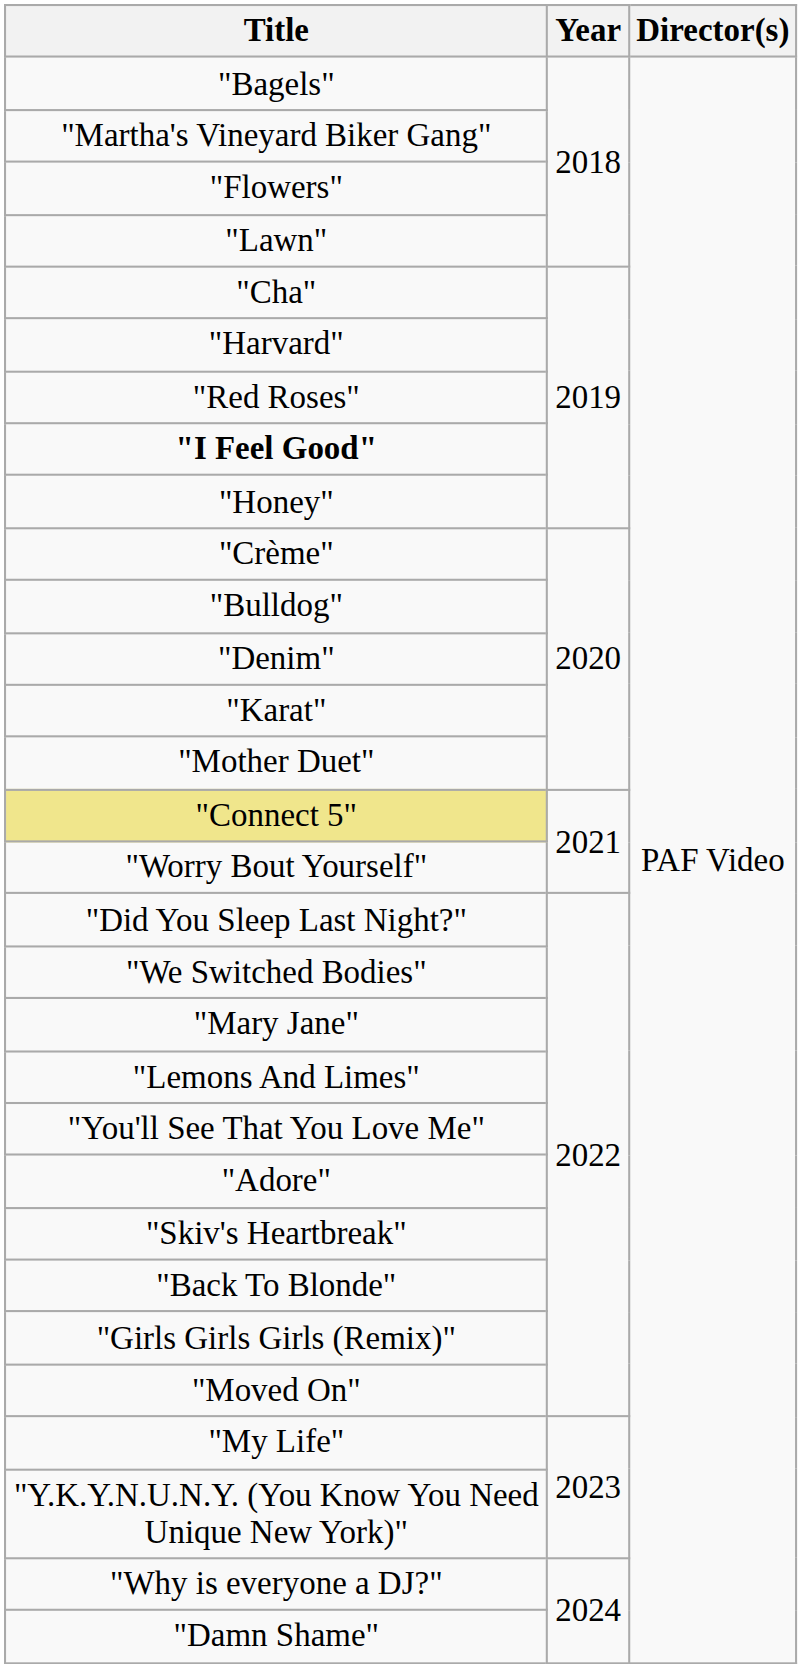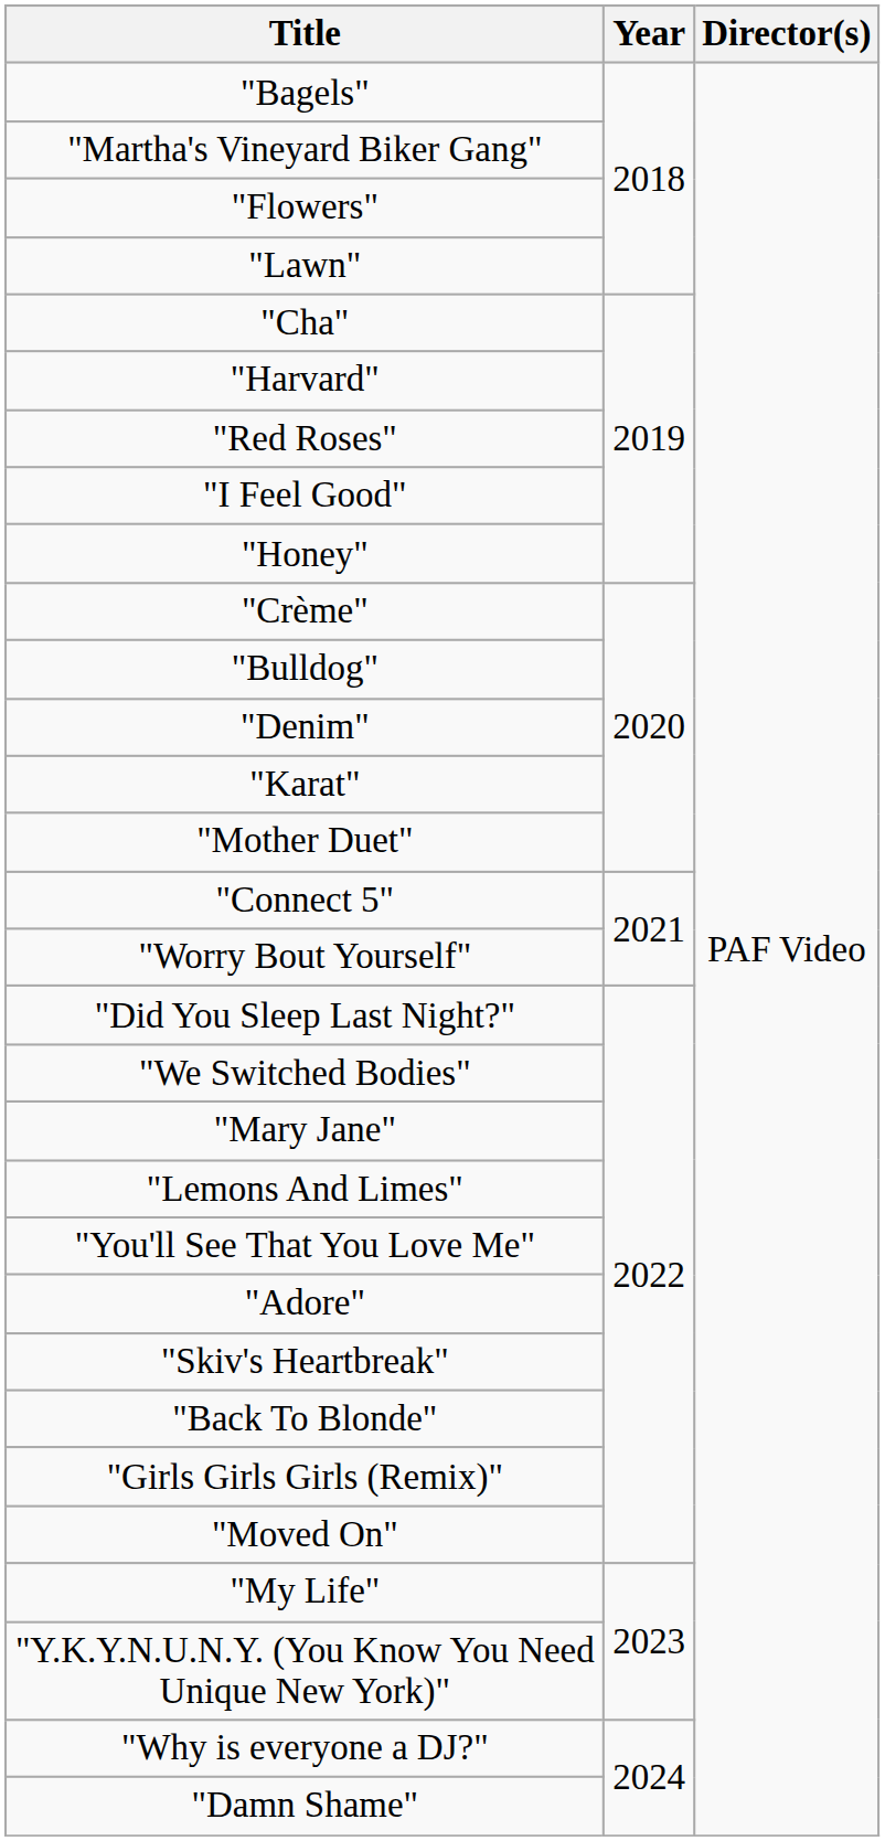 <table class="wikitable plainrowheaders" style="text-align:center;">
 <tr>
 <th scope="col" style="width:16em;">Title</th>
 <th scope="col">Year</th>
 <th scope="col">Director(s)</th>
 </tr>
 <tr>
 <td>"Bagels"</td>
 <td rowspan="4">2018</td>
 <td rowspan="30">PAF Video</td>
 </tr>
 <tr>
 <td>"Martha's Vineyard Biker Gang"</td>
 </tr>
 <tr>
 <td>"Flowers"</td>
 </tr>
 <tr>
 <td>"Lawn"</td>
 </tr>
 <tr>
 <td>"Cha"</td>
 <td rowspan="5">2019</td>
 </tr>
 <tr>
 <td>"Harvard"</td>
 </tr>
 <tr>
 <td>"Red Roses"</td>
 </tr>
 <tr>
-<td><strong>"I Feel Good"</strong></td>
+<td>"I Feel Good"</td>
 </tr>
 <tr>
 <td>"Honey"</td>
 </tr>
 <tr>
 <td>"Crème"</td>
 <td rowspan="5">2020</td>
 </tr>
 <tr>
 <td>"Bulldog"</td>
 </tr>
 <tr>
 <td>"Denim"</td>
 </tr>
 <tr>
 <td>"Karat"</td>
 </tr>
 <tr>
 <td>"Mother Duet"</td>
 </tr>
 <tr>
-<td style="background: khaki;">"Connect 5"</td>
+<td>"Connect 5"</td>
 <td rowspan="2">2021</td>
 </tr>
 <tr>
 <td>"Worry Bout Yourself"</td>
 </tr>
 <tr>
 <td>"Did You Sleep Last Night?"</td>
 <td rowspan="10">2022</td>
 </tr>
 <tr>
 <td>"We Switched Bodies"</td>
 </tr>
 <tr>
 <td>"Mary Jane"</td>
 </tr>
 <tr>
 <td>"Lemons And Limes"</td>
 </tr>
 <tr>
 <td>"You'll See That You Love Me"</td>
 </tr>
 <tr>
 <td>"Adore"</td>
 </tr>
 <tr>
 <td>"Skiv's Heartbreak"</td>
 </tr>
 <tr>
 <td>"Back To Blonde"</td>
 </tr>
 <tr>
 <td>"Girls Girls Girls (Remix)"</td>
 </tr>
 <tr>
 <td>"Moved On"</td>
 </tr>
 <tr>
 <td>"My Life"</td>
 <td rowspan="2">2023</td>
 </tr>
 <tr>
 <td>"Y.K.Y.N.U.N.Y. (You Know You Need Unique New York)"</td>
 </tr>
 <tr>
 <td>"Why is everyone a DJ?"</td>
 <td rowspan="2">2024</td>
 </tr>
 <tr>
 <td>"Damn Shame"</td>
 </tr>
 </table>
